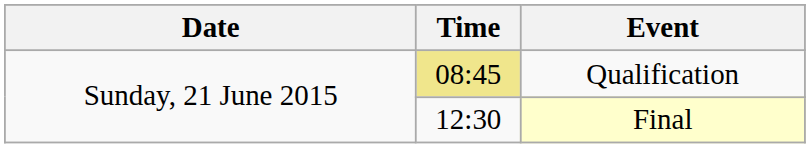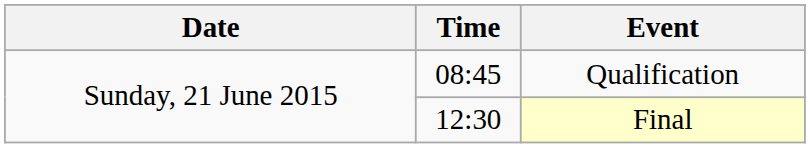 <table class = "wikitable" style="text-align:center;">
 <tr>
 <th width=220>Date</th>
 <th width=50>Time</th>
 <th width=150>Event</th>
 </tr>
 <tr>
 <td rowspan=2>Sunday, 21 June 2015</td>
-<td style="background: khaki;">08:45</td>
+<td>08:45</td>
 <td>Qualification</td>
 </tr>
 <tr>
 <td>12:30</td>
 <td bgcolor=ffffcc>Final</td>
 </tr>
 </table>
